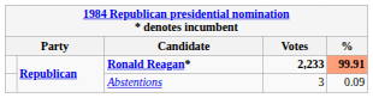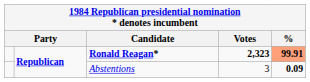 <table class="wikitable">
 <tr>
 <th colspan=5 style="background:#f5f5f5"><a href='#'>1984 Republican presidential nomination</a><br>* denotes incumbent</th>
 </tr>
 <tr>
 <th style="width: 8em;" colspan=2>Party</th>
 <th>Candidate</th>
 <th>Votes</th>
 <th>%</th>
 </tr>
 <tr>
 <td style="background-color: "></td>
 <td style="width: 7em;" rowspan=2><strong><a href='#'>Republican</a></strong></td>
 <td style="width: 13em;"><strong><a href='#'>Ronald Reagan</a>*</strong></td>
-<td style="width: 5em; text-align:right"><strong>2,233</strong></td>
+<td style="width: 5em; text-align:right"><strong>2,323</strong></td>
 <td style="background: lightsalmon; width: 3em; text-align:right"><strong>99.91</strong></td>
 </tr>
 <tr>
 <td style="background-color: "></td>
 <td><em><a href='#'>Abstentions</a></em></td>
 <td style="text-align:right">3</td>
-<td style="text-align:right">0.09</td>
+<td style="text-align:right"><strong>0.09</strong></td>
 </tr>
 </table>
